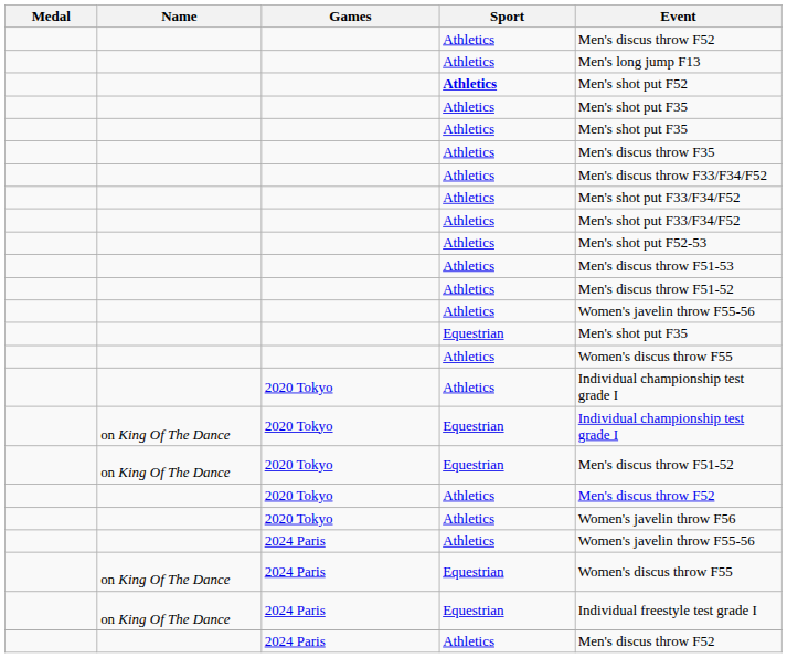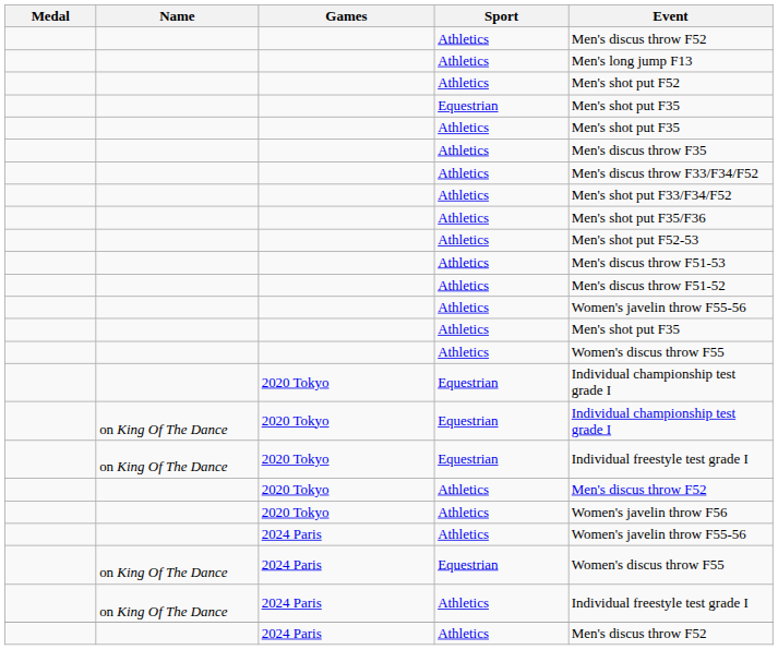 <table class="wikitable sortable">
 <tr>
 <th style="width:6em">Medal</th>
 <th style="width:11em">Name</th>
 <th style="width:12em">Games</th>
 <th style="width:9em">Sport</th>
 <th style="width:14em">Event</th>
 </tr>
 <tr>
 <td></td>
 <td></td>
 <td></td>
 <td> <a href='#'>Athletics</a></td>
 <td>Men's discus throw F52</td>
 </tr>
 <tr>
 <td></td>
 <td></td>
 <td></td>
 <td> <a href='#'>Athletics</a></td>
 <td>Men's long jump F13</td>
 </tr>
 <tr>
 <td></td>
 <td></td>
 <td></td>
-<td><strong> <a href='#'>Athletics</a></strong></td>
+<td> <a href='#'>Athletics</a></td>
 <td>Men's shot put F52</td>
 </tr>
 <tr>
 <td></td>
 <td></td>
 <td></td>
-<td> <a href='#'>Athletics</a></td>
+<td><a href='#'>Equestrian</a></td>
 <td>Men's shot put F35</td>
 </tr>
 <tr>
 <td></td>
 <td></td>
 <td></td>
 <td> <a href='#'>Athletics</a></td>
 <td>Men's shot put F35</td>
 </tr>
 <tr>
 <td></td>
 <td></td>
 <td></td>
 <td> <a href='#'>Athletics</a></td>
 <td>Men's discus throw F35</td>
 </tr>
 <tr>
 <td></td>
 <td></td>
 <td></td>
 <td> <a href='#'>Athletics</a></td>
 <td>Men's discus throw F33/F34/F52</td>
 </tr>
 <tr>
 <td></td>
 <td></td>
 <td></td>
 <td> <a href='#'>Athletics</a></td>
 <td>Men's shot put F33/F34/F52</td>
 </tr>
 <tr>
 <td></td>
 <td></td>
 <td></td>
 <td> <a href='#'>Athletics</a></td>
-<td>Men's shot put F33/F34/F52</td>
+<td>Men's shot put F35/F36</td>
 </tr>
 <tr>
 <td></td>
 <td></td>
 <td></td>
 <td> <a href='#'>Athletics</a></td>
 <td>Men's shot put F52-53</td>
 </tr>
 <tr>
 <td></td>
 <td></td>
 <td></td>
 <td> <a href='#'>Athletics</a></td>
 <td>Men's discus throw F51-53</td>
 </tr>
 <tr>
 <td></td>
 <td></td>
 <td></td>
 <td> <a href='#'>Athletics</a></td>
 <td>Men's discus throw F51-52</td>
 </tr>
 <tr>
 <td></td>
 <td></td>
 <td></td>
 <td> <a href='#'>Athletics</a></td>
 <td>Women's javelin throw F55-56</td>
 </tr>
 <tr>
 <td></td>
 <td></td>
 <td></td>
-<td><a href='#'>Equestrian</a></td>
+<td> <a href='#'>Athletics</a></td>
 <td>Men's shot put F35</td>
 </tr>
 <tr>
 <td></td>
 <td></td>
 <td></td>
 <td> <a href='#'>Athletics</a></td>
 <td>Women's discus throw F55</td>
 </tr>
 <tr>
 <td></td>
 <td></td>
 <td><a href='#'>2020 Tokyo</a></td>
-<td><a href='#'>Athletics</a></td>
+<td><a href='#'>Equestrian</a></td>
 <td>Individual championship test grade I</td>
 </tr>
 <tr>
 <td></td>
 <td><br>on <em>King Of The Dance</em></td>
 <td><a href='#'>2020 Tokyo</a></td>
 <td><a href='#'>Equestrian</a></td>
 <td><a href='#'>Individual championship test grade I</a></td>
 </tr>
 <tr>
 <td></td>
 <td><br>on <em>King Of The Dance</em></td>
 <td><a href='#'>2020 Tokyo</a></td>
 <td><a href='#'>Equestrian</a></td>
-<td>Men's discus throw F51-52</td>
+<td>Individual freestyle test grade I</td>
 </tr>
 <tr>
 <td></td>
 <td></td>
 <td><a href='#'>2020 Tokyo</a></td>
 <td><a href='#'>Athletics</a></td>
 <td><a href='#'>Men's discus throw F52</a></td>
 </tr>
 <tr>
 <td></td>
 <td></td>
 <td><a href='#'>2020 Tokyo</a></td>
 <td><a href='#'>Athletics</a></td>
 <td>Women's javelin throw F56</td>
 </tr>
 <tr>
 <td></td>
 <td></td>
 <td><a href='#'>2024 Paris</a></td>
 <td><a href='#'>Athletics</a></td>
 <td>Women's javelin throw F55-56</td>
 </tr>
 <tr>
 <td></td>
 <td><br>on <em>King Of The Dance</em></td>
 <td><a href='#'>2024 Paris</a></td>
 <td><a href='#'>Equestrian</a></td>
 <td>Women's discus throw F55</td>
 </tr>
 <tr>
 <td></td>
 <td><br>on <em>King Of The Dance</em></td>
 <td><a href='#'>2024 Paris</a></td>
-<td><a href='#'>Equestrian</a></td>
+<td> <a href='#'>Athletics</a></td>
 <td>Individual freestyle test grade I</td>
 </tr>
 <tr>
 </tr>
 <tr>
 <td></td>
 <td></td>
 <td><a href='#'>2024 Paris</a></td>
 <td><a href='#'>Athletics</a></td>
 <td>Men's discus throw F52</td>
 </tr>
 </table>
